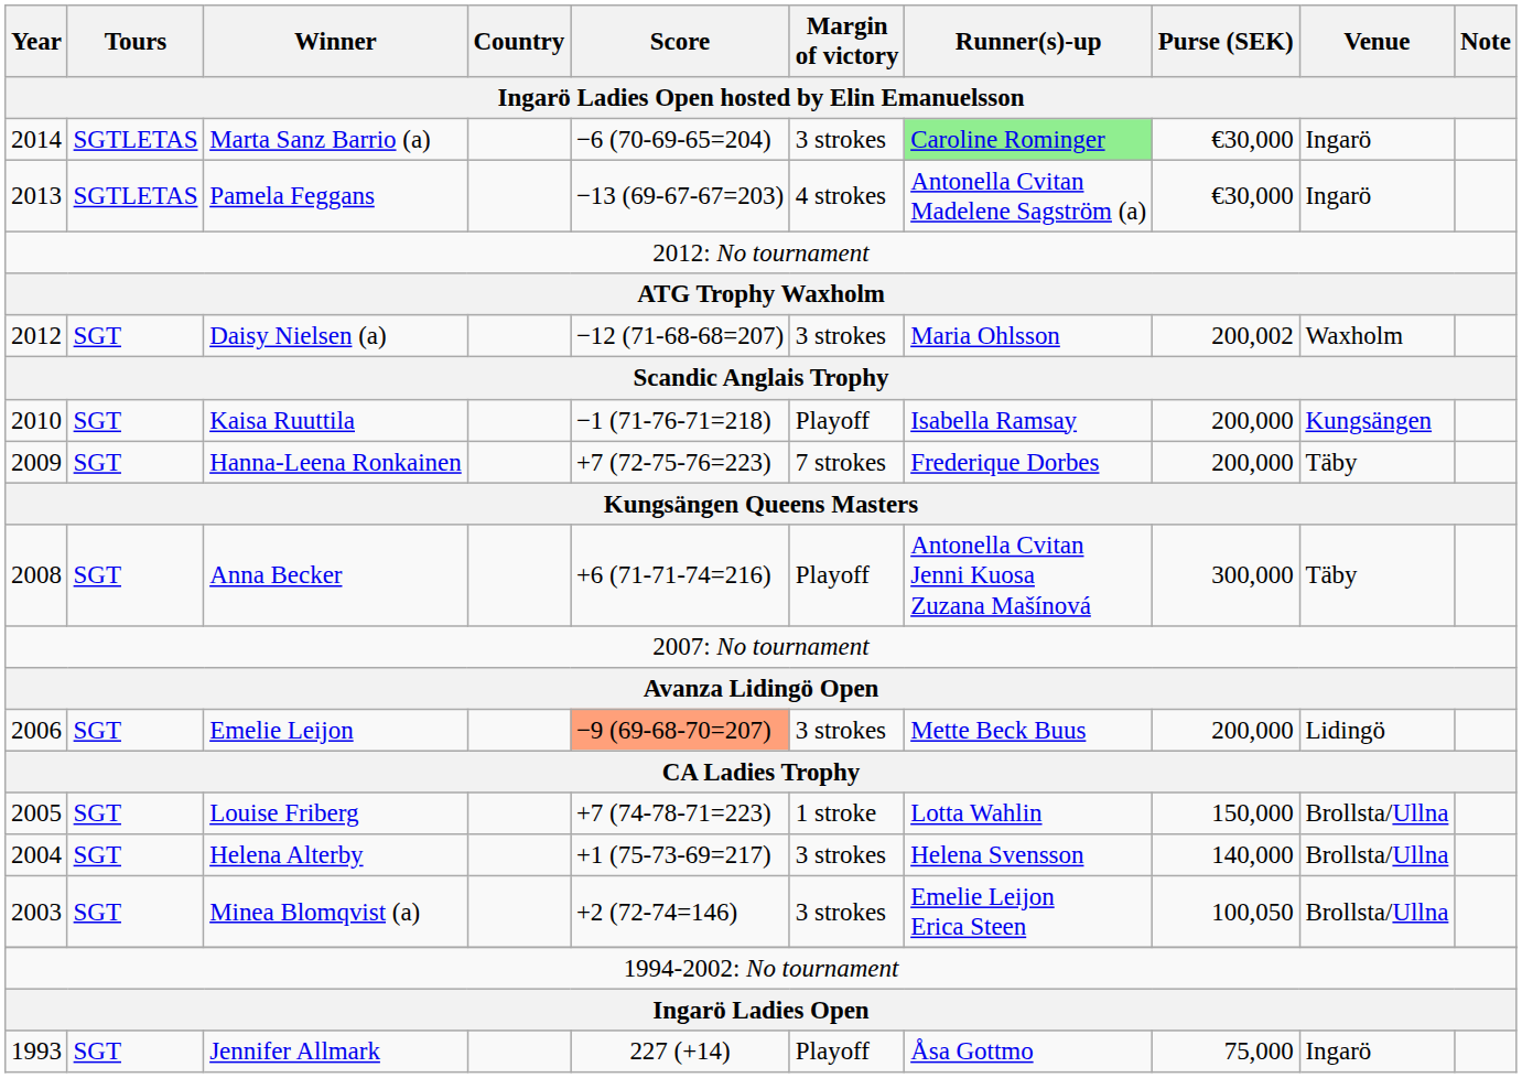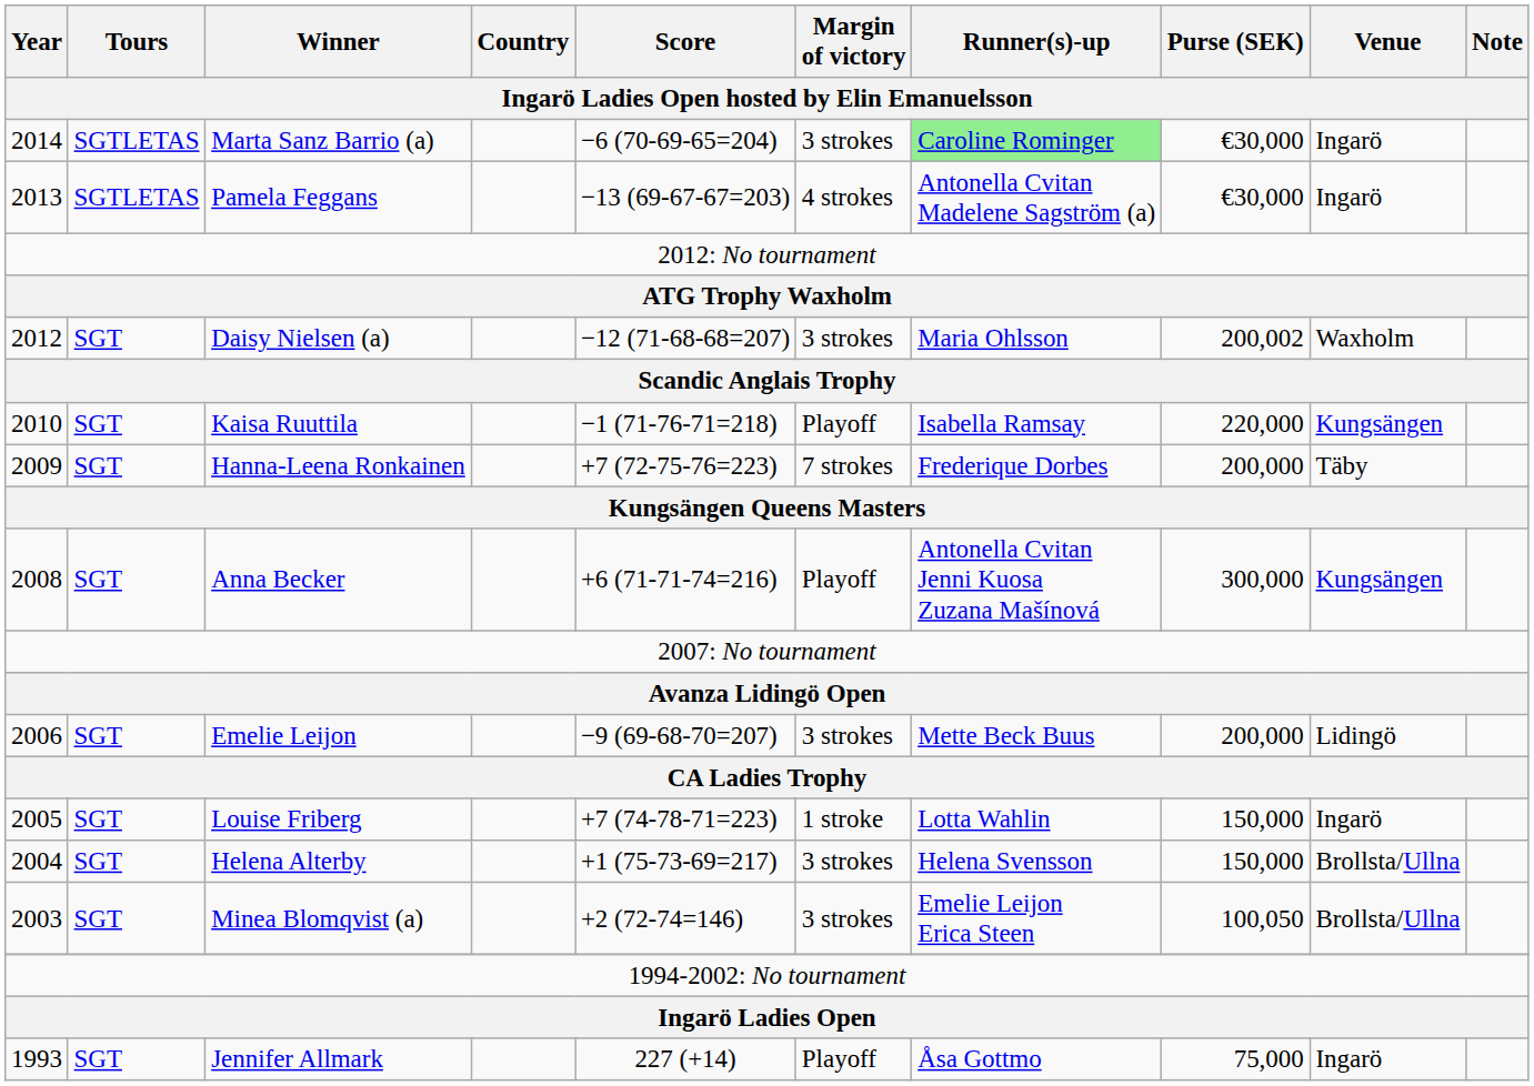 <table class=wikitable style="font-size:95%">
 <tr>
 <th>Year</th>
 <th>Tours</th>
 <th>Winner</th>
 <th>Country</th>
 <th>Score</th>
 <th>Margin<br>of victory</th>
 <th>Runner(s)-up</th>
 <th>Purse (SEK)</th>
 <th>Venue</th>
 <th>Note</th>
 </tr>
 <tr>
 <th colspan=10>Ingarö Ladies Open hosted by Elin Emanuelsson</th>
 </tr>
 <tr>
 <td>2014</td>
 <td><a href='#'>SGT</a><a href='#'>LETAS</a></td>
 <td><a href='#'>Marta Sanz Barrio</a> (a)</td>
 <td></td>
 <td>−6 (70-69-65=204)</td>
 <td>3 strokes</td>
 <td style="background: lightgreen;"> <a href='#'>Caroline Rominger</a></td>
 <td align=right>€30,000</td>
 <td>Ingarö</td>
 <td></td>
 </tr>
 <tr>
 <td>2013</td>
 <td><a href='#'>SGT</a><a href='#'>LETAS</a></td>
 <td><a href='#'>Pamela Feggans</a></td>
 <td></td>
 <td>−13 (69-67-67=203)</td>
 <td>4 strokes</td>
 <td> <a href='#'>Antonella Cvitan</a><br> <a href='#'>Madelene Sagström</a> (a)</td>
 <td align=right>€30,000</td>
 <td>Ingarö</td>
 <td></td>
 </tr>
 <tr>
 <td colspan=10 align=center>2012: <em>No tournament</em></td>
 </tr>
 <tr>
 <th colspan=10>ATG Trophy Waxholm</th>
 </tr>
 <tr>
 <td>2012</td>
 <td><a href='#'>SGT</a></td>
 <td><a href='#'>Daisy Nielsen</a> (a)</td>
 <td></td>
 <td>−12 (71-68-68=207)</td>
 <td>3 strokes</td>
 <td> <a href='#'>Maria Ohlsson</a></td>
 <td align=right>200,002</td>
 <td>Waxholm</td>
 <td></td>
 </tr>
 <tr>
 <th colspan=10>Scandic Anglais Trophy</th>
 </tr>
 <tr>
 <td>2010</td>
 <td><a href='#'>SGT</a></td>
 <td><a href='#'>Kaisa Ruuttila</a></td>
 <td></td>
 <td>−1 (71-76-71=218)</td>
 <td>Playoff</td>
 <td> <a href='#'>Isabella Ramsay</a></td>
-<td align=right>200,000</td>
+<td align=right>220,000</td>
 <td><a href='#'>Kungsängen</a></td>
 <td></td>
 </tr>
 <tr>
 <td>2009</td>
 <td><a href='#'>SGT</a></td>
 <td><a href='#'>Hanna-Leena Ronkainen</a></td>
 <td></td>
 <td>+7 (72-75-76=223)</td>
 <td>7 strokes</td>
 <td> <a href='#'>Frederique Dorbes</a></td>
 <td align=right>200,000</td>
 <td>Täby</td>
 <td></td>
 </tr>
 <tr>
 <th colspan=10>Kungsängen Queens Masters</th>
 </tr>
 <tr>
 <td>2008</td>
 <td><a href='#'>SGT</a></td>
 <td><a href='#'>Anna Becker</a></td>
 <td></td>
 <td>+6 (71-71-74=216)</td>
 <td>Playoff</td>
 <td> <a href='#'>Antonella Cvitan</a><br> <a href='#'>Jenni Kuosa</a><br> <a href='#'>Zuzana Mašínová</a></td>
 <td align=right>300,000</td>
-<td>Täby</td>
+<td><a href='#'>Kungsängen</a></td>
 <td></td>
 </tr>
 <tr>
 <td colspan=10 align=center>2007: <em>No tournament</em></td>
 </tr>
 <tr>
 <th colspan=10>Avanza Lidingö Open</th>
 </tr>
 <tr>
 <td>2006</td>
 <td><a href='#'>SGT</a></td>
 <td><a href='#'>Emelie Leijon</a></td>
 <td></td>
-<td style="background: lightsalmon;">−9 (69-68-70=207)</td>
+<td>−9 (69-68-70=207)</td>
 <td>3 strokes</td>
 <td> <a href='#'>Mette Beck Buus</a></td>
 <td align=right>200,000</td>
 <td>Lidingö</td>
 <td></td>
 </tr>
 <tr>
 <th colspan=10>CA Ladies Trophy</th>
 </tr>
 <tr>
 <td>2005</td>
 <td><a href='#'>SGT</a></td>
 <td><a href='#'>Louise Friberg</a></td>
 <td></td>
 <td>+7 (74-78-71=223)</td>
 <td>1 stroke</td>
 <td> <a href='#'>Lotta Wahlin</a></td>
 <td align=right>150,000</td>
-<td>Brollsta/<a href='#'>Ullna</a></td>
+<td>Ingarö</td>
 <td></td>
 </tr>
 <tr>
 <td>2004</td>
 <td><a href='#'>SGT</a></td>
 <td><a href='#'>Helena Alterby</a></td>
 <td></td>
 <td>+1 (75-73-69=217)</td>
 <td>3 strokes</td>
 <td> <a href='#'>Helena Svensson</a></td>
-<td align=right>140,000</td>
+<td align=right>150,000</td>
 <td>Brollsta/<a href='#'>Ullna</a></td>
 <td></td>
 </tr>
 <tr>
 <td>2003</td>
 <td><a href='#'>SGT</a></td>
 <td><a href='#'>Minea Blomqvist</a> (a)</td>
 <td></td>
 <td>+2 (72-74=146)</td>
 <td>3 strokes</td>
 <td> <a href='#'>Emelie Leijon</a><br> <a href='#'>Erica Steen</a></td>
 <td align=right>100,050</td>
 <td>Brollsta/<a href='#'>Ullna</a></td>
 <td></td>
 </tr>
 <tr style="background:#dfe2e9;">
 </tr>
 <tr>
 <td colspan=10 align=center>1994-2002: <em>No tournament</em></td>
 </tr>
 <tr>
 <th colspan=10>Ingarö Ladies Open</th>
 </tr>
 <tr>
 <td>1993</td>
 <td><a href='#'>SGT</a></td>
 <td><a href='#'>Jennifer Allmark</a></td>
 <td></td>
 <td align=center>227 (+14)</td>
 <td>Playoff</td>
 <td> <a href='#'>Åsa Gottmo</a></td>
 <td align=right>75,000</td>
 <td>Ingarö</td>
 <td></td>
 </tr>
 </table>
